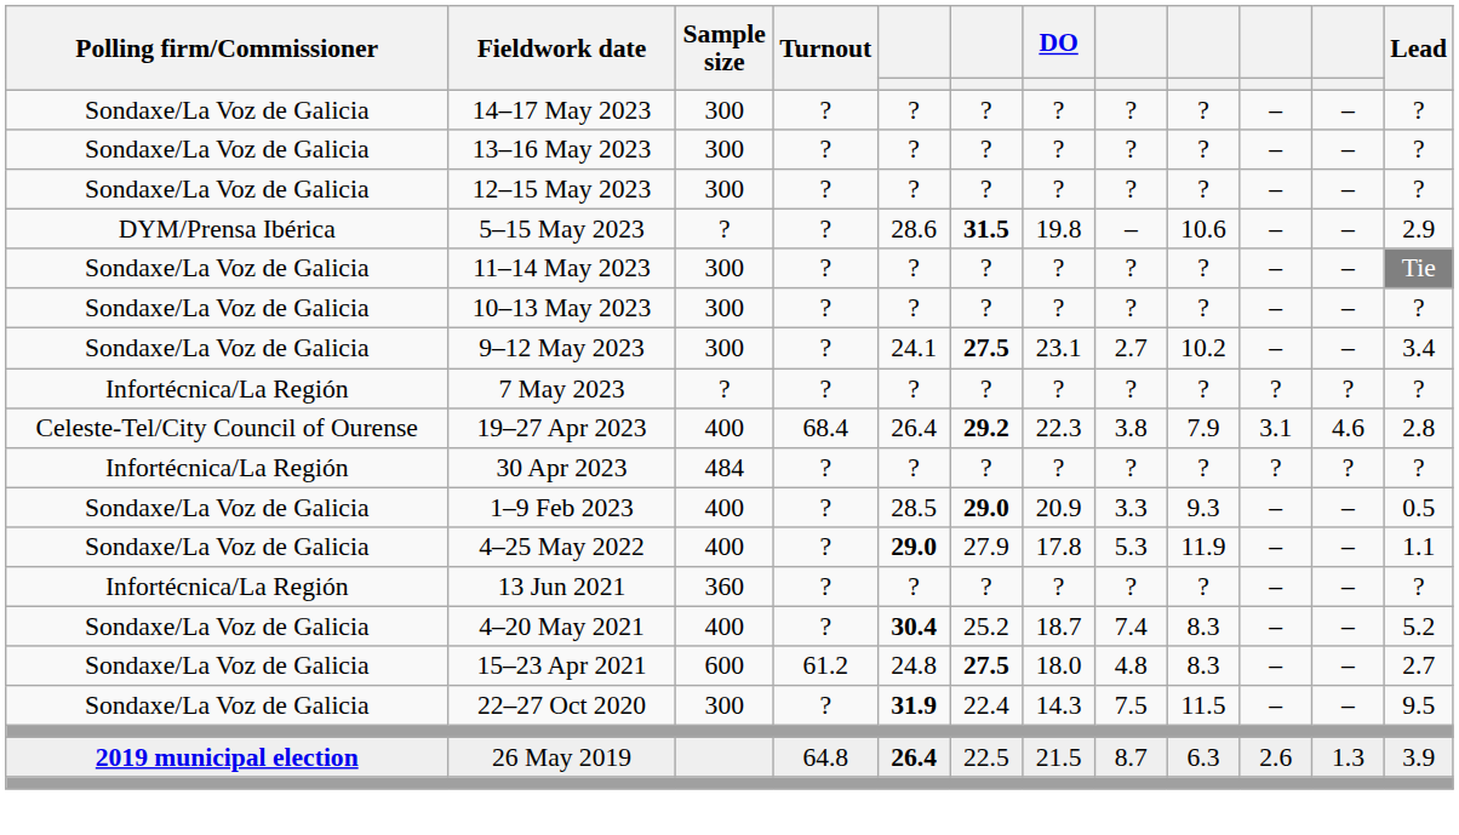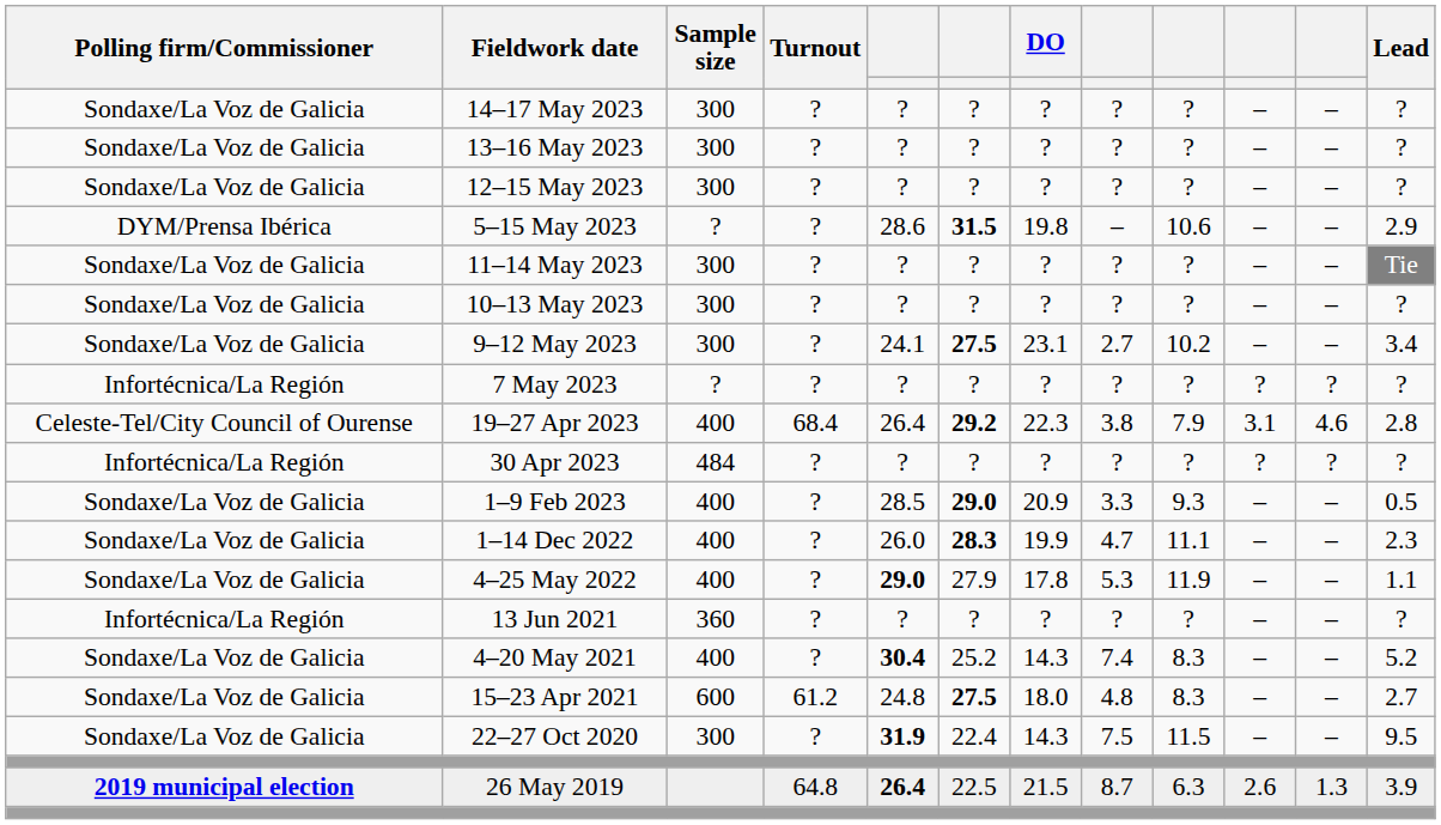 <table class="wikitable collapsible collapsed" style="text-align:center; font-size:95%; line-height:16px;">
 <tr style="height:42px;">
 <th style="width:250px;" rowspan="2">Polling firm/Commissioner</th>
 <th style="width:125px;" rowspan="2">Fieldwork date</th>
 <th style="width:50px;" rowspan="2">Sample size</th>
 <th style="width:45px;" rowspan="2">Turnout</th>
 <th style="width:35px;"></th>
 <th style="width:35px;"></th>
 <th style="width:35px;"><a href='#'>DO</a></th>
 <th style="width:35px;"></th>
 <th style="width:35px;"></th>
 <th style="width:35px;"></th>
 <th style="width:35px;"></th>
 <th style="width:30px;" rowspan="2">Lead</th>
 </tr>
 <tr>
 <th style="color:inherit;background:"></th>
 <th style="color:inherit;background:"></th>
 <th style="color:inherit;background:"></th>
 <th style="color:inherit;background:"></th>
 <th style="color:inherit;background:"></th>
 <th style="color:inherit;background:"></th>
 <th style="color:inherit;background:"></th>
 </tr>
 <tr>
 <td>Sondaxe/La Voz de Galicia</td>
 <td>14–17 May 2023</td>
 <td>300</td>
 <td>?</td>
 <td>?<br></td>
 <td>?<br></td>
 <td>?<br></td>
 <td>?<br></td>
 <td>?<br></td>
 <td>–</td>
 <td>–</td>
 <td style="background:">?</td>
 </tr>
 <tr>
 <td>Sondaxe/La Voz de Galicia</td>
 <td>13–16 May 2023</td>
 <td>300</td>
 <td>?</td>
 <td>?<br></td>
 <td>?<br></td>
 <td>?<br></td>
 <td>?<br></td>
 <td>?<br></td>
 <td>–</td>
 <td>–</td>
 <td style="background:">?</td>
 </tr>
 <tr>
 <td>Sondaxe/La Voz de Galicia</td>
 <td>12–15 May 2023</td>
 <td>300</td>
 <td>?</td>
 <td>?<br></td>
 <td>?<br></td>
 <td>?<br></td>
 <td>?<br></td>
 <td>?<br></td>
 <td>–</td>
 <td>–</td>
 <td style="background:">?</td>
 </tr>
 <tr>
 <td>DYM/Prensa Ibérica</td>
 <td>5–15 May 2023</td>
 <td>?</td>
 <td>?</td>
 <td>28.6<br></td>
 <td><strong>31.5</strong><br></td>
 <td>19.8<br></td>
 <td>–</td>
 <td>10.6<br></td>
 <td>–</td>
 <td>–</td>
 <td style="background:">2.9</td>
 </tr>
 <tr>
 <td>Sondaxe/La Voz de Galicia</td>
 <td>11–14 May 2023</td>
 <td>300</td>
 <td>?</td>
 <td>?<br></td>
 <td>?<br></td>
 <td>?<br></td>
 <td>?<br></td>
 <td>?<br></td>
 <td>–</td>
 <td>–</td>
 <td style="background:grey; color:white;">Tie</td>
 </tr>
 <tr>
 <td>Sondaxe/La Voz de Galicia</td>
 <td>10–13 May 2023</td>
 <td>300</td>
 <td>?</td>
 <td>?<br></td>
 <td>?<br></td>
 <td>?<br></td>
 <td>?<br></td>
 <td>?<br></td>
 <td>–</td>
 <td>–</td>
 <td style="background:">?</td>
 </tr>
 <tr>
 <td>Sondaxe/La Voz de Galicia</td>
 <td>9–12 May 2023</td>
 <td>300</td>
 <td>?</td>
 <td>24.1<br></td>
 <td><strong>27.5</strong><br></td>
 <td>23.1<br></td>
 <td>2.7<br></td>
 <td>10.2<br></td>
 <td>–</td>
 <td>–</td>
 <td style="background:">3.4</td>
 </tr>
 <tr>
 <td>Infortécnica/La Región</td>
 <td>7 May 2023</td>
 <td>?</td>
 <td>?</td>
 <td>?<br></td>
 <td>?<br></td>
 <td>?<br></td>
 <td>?<br></td>
 <td>?<br></td>
 <td>?<br></td>
 <td>?<br></td>
 <td style="background:">?</td>
 </tr>
 <tr>
 <td>Celeste-Tel/City Council of Ourense</td>
 <td>19–27 Apr 2023</td>
 <td>400</td>
 <td>68.4</td>
 <td>26.4<br></td>
 <td><strong>29.2</strong><br></td>
 <td>22.3<br></td>
 <td>3.8<br></td>
 <td>7.9<br></td>
 <td>3.1<br></td>
 <td>4.6<br></td>
 <td style="background:">2.8</td>
 </tr>
 <tr>
 <td>Infortécnica/La Región</td>
 <td>30 Apr 2023</td>
 <td>484</td>
 <td>?</td>
 <td>?<br></td>
 <td>?<br></td>
 <td>?<br></td>
 <td>?<br></td>
 <td>?<br></td>
 <td>?<br></td>
 <td>?<br></td>
 <td style="background:">?</td>
 </tr>
 <tr>
 <td>Sondaxe/La Voz de Galicia</td>
 <td>1–9 Feb 2023</td>
 <td>400</td>
 <td>?</td>
 <td>28.5<br></td>
 <td><strong>29.0</strong><br></td>
 <td>20.9<br></td>
 <td>3.3<br></td>
 <td>9.3<br></td>
 <td>–</td>
 <td>–</td>
 <td style="background:">0.5</td>
 </tr>
 <tr>
 <td>Sondaxe/La Voz de Galicia</td>
+<td>1–14 Dec 2022</td>
+<td>400</td>
+<td>?</td>
+<td>26.0<br></td>
+<td><strong>28.3</strong><br></td>
+<td>19.9<br></td>
+<td>4.7<br></td>
+<td>11.1<br></td>
+<td>–</td>
+<td>–</td>
+<td style="background:">2.3</td>
+</tr>
+<tr>
+<td>Sondaxe/La Voz de Galicia</td>
 <td>4–25 May 2022</td>
 <td>400</td>
 <td>?</td>
 <td><strong>29.0</strong><br></td>
 <td>27.9<br></td>
 <td>17.8<br></td>
 <td>5.3<br></td>
 <td>11.9<br></td>
 <td>–</td>
 <td>–</td>
 <td style="background:">1.1</td>
 </tr>
 <tr>
 <td>Infortécnica/La Región</td>
 <td>13 Jun 2021</td>
 <td>360</td>
 <td>?</td>
 <td>?<br></td>
 <td>?<br></td>
 <td>?<br></td>
 <td>?<br></td>
 <td>?<br></td>
 <td>–</td>
 <td>–</td>
 <td style="background:">?</td>
 </tr>
 <tr>
 <td>Sondaxe/La Voz de Galicia</td>
 <td>4–20 May 2021</td>
 <td>400</td>
 <td>?</td>
 <td><strong>30.4</strong><br></td>
 <td>25.2<br></td>
-<td>18.7<br></td>
+<td>14.3<br></td>
 <td>7.4<br></td>
 <td>8.3<br></td>
 <td>–</td>
 <td>–</td>
 <td style="background:">5.2</td>
 </tr>
 <tr>
 <td>Sondaxe/La Voz de Galicia</td>
 <td>15–23 Apr 2021</td>
 <td>600</td>
 <td>61.2</td>
 <td>24.8<br></td>
 <td><strong>27.5</strong><br></td>
 <td>18.0<br></td>
 <td>4.8<br></td>
 <td>8.3<br></td>
 <td>–</td>
 <td>–</td>
 <td style="background:">2.7</td>
 </tr>
 <tr>
 <td>Sondaxe/La Voz de Galicia</td>
 <td>22–27 Oct 2020</td>
 <td>300</td>
 <td>?</td>
 <td><strong>31.9</strong><br></td>
 <td>22.4<br></td>
 <td>14.3<br></td>
 <td>7.5<br></td>
 <td>11.5<br></td>
 <td>–</td>
 <td>–</td>
 <td style="background:">9.5</td>
 </tr>
 <tr>
 <td colspan="12" style="background:#A0A0A0"></td>
 </tr>
 <tr style="background:#EFEFEF;">
 <td><strong><a href='#'>2019 municipal election</a></strong></td>
 <td>26 May 2019</td>
 <td></td>
 <td>64.8</td>
 <td><strong>26.4</strong><br></td>
 <td>22.5<br></td>
 <td>21.5<br></td>
 <td>8.7<br></td>
 <td>6.3<br></td>
 <td>2.6<br></td>
 <td>1.3<br></td>
 <td style="background:">3.9</td>
 </tr>
 <tr>
 <td colspan="12" style="background:#A0A0A0"></td>
 </tr>
 </table>
